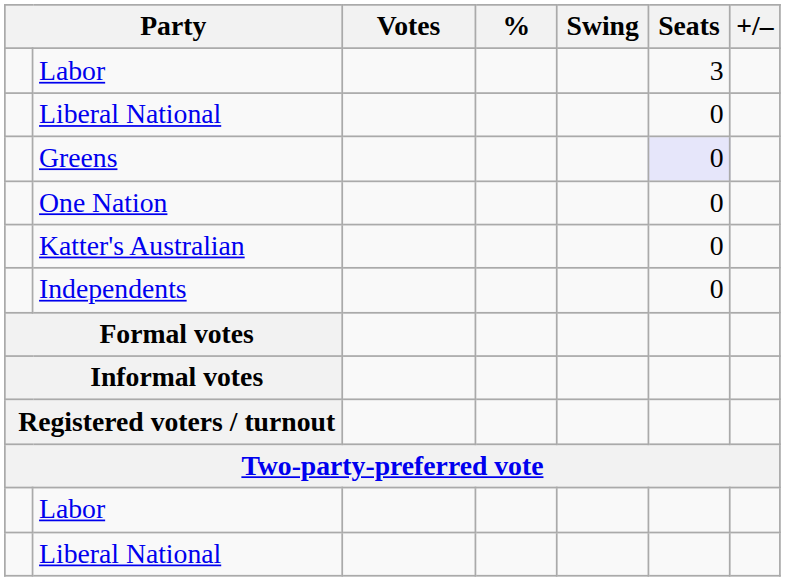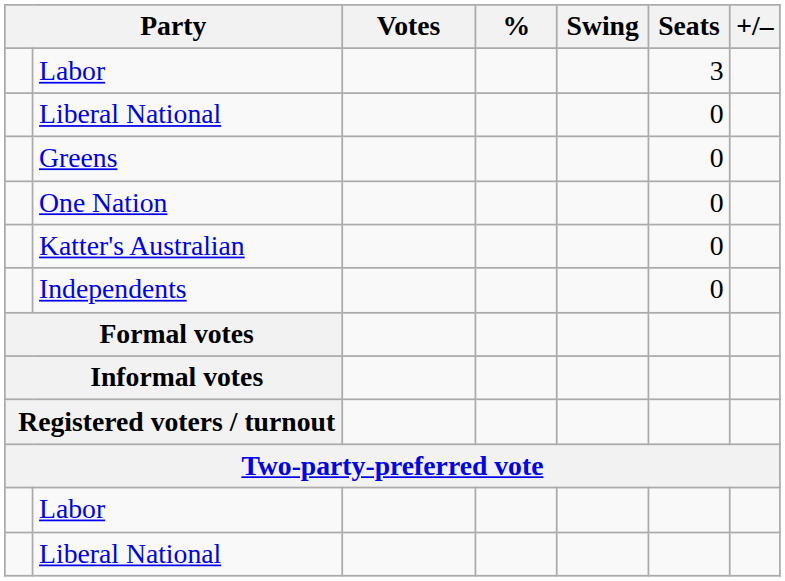 <table class="wikitable" style="text-align:right;  margin-bottom:0">
 <tr>
 <th style="width:10px" colspan=3>Party</th>
 <th style="width:70px;">Votes</th>
 <th style="width:40px;">%</th>
 <th style="width:45px;">Swing</th>
 <th style="width:40px;">Seats</th>
 <th>+/–</th>
 </tr>
 <tr>
 <td> </td>
 <td style="text-align:left;" colspan="2"><a href='#'>Labor</a></td>
 <td></td>
 <td></td>
 <td></td>
 <td>3</td>
 <td></td>
 </tr>
 <tr>
 <td> </td>
 <td style="text-align:left;" colspan="2"><a href='#'>Liberal National</a></td>
 <td></td>
 <td></td>
 <td></td>
 <td>0</td>
 <td></td>
 </tr>
 <tr>
 <td> </td>
 <td style="text-align:left;" colspan="2"><a href='#'>Greens</a></td>
 <td></td>
 <td></td>
 <td></td>
-<td style="background: lavender;">0</td>
+<td>0</td>
 <td></td>
 </tr>
 <tr>
 <td> </td>
 <td style="text-align:left;" colspan="2"><a href='#'>One Nation</a></td>
 <td></td>
 <td></td>
 <td></td>
 <td>0</td>
 <td></td>
 </tr>
 <tr>
 <td> </td>
 <td style="text-align:left;" colspan="2"><a href='#'>Katter's Australian</a></td>
 <td></td>
 <td></td>
 <td></td>
 <td>0</td>
 <td></td>
 </tr>
 <tr>
 <td> </td>
 <td colspan="2" style="text-align:left;"><a href='#'>Independents</a></td>
 <td></td>
 <td></td>
 <td></td>
 <td>0</td>
 <td></td>
 </tr>
 <tr>
 <th colspan="3" rowspan="1"> Formal votes</th>
 <td></td>
 <td></td>
 <td></td>
 <td></td>
 <td></td>
 </tr>
 <tr>
 <th colspan="3" rowspan="1"> Informal votes</th>
 <td></td>
 <td></td>
 <td></td>
 <td></td>
 <td></td>
 </tr>
 <tr>
 <th colspan="3" rowspan="1"> Registered voters / turnout</th>
 <td></td>
 <td></td>
 <td></td>
 <td></td>
 <td></td>
 </tr>
 <tr>
 <th colspan="8"><a href='#'>Two-party-preferred vote</a></th>
 </tr>
 <tr>
 <td></td>
 <td style="text-align:left;" colspan="2"><a href='#'>Labor</a></td>
 <td></td>
 <td></td>
 <td></td>
 <td></td>
 <td></td>
 </tr>
 <tr>
 <td></td>
 <td style="text-align:left;" colspan="2"><a href='#'>Liberal National</a></td>
 <td></td>
 <td></td>
 <td></td>
 <td></td>
 <td></td>
 </tr>
 </table>
